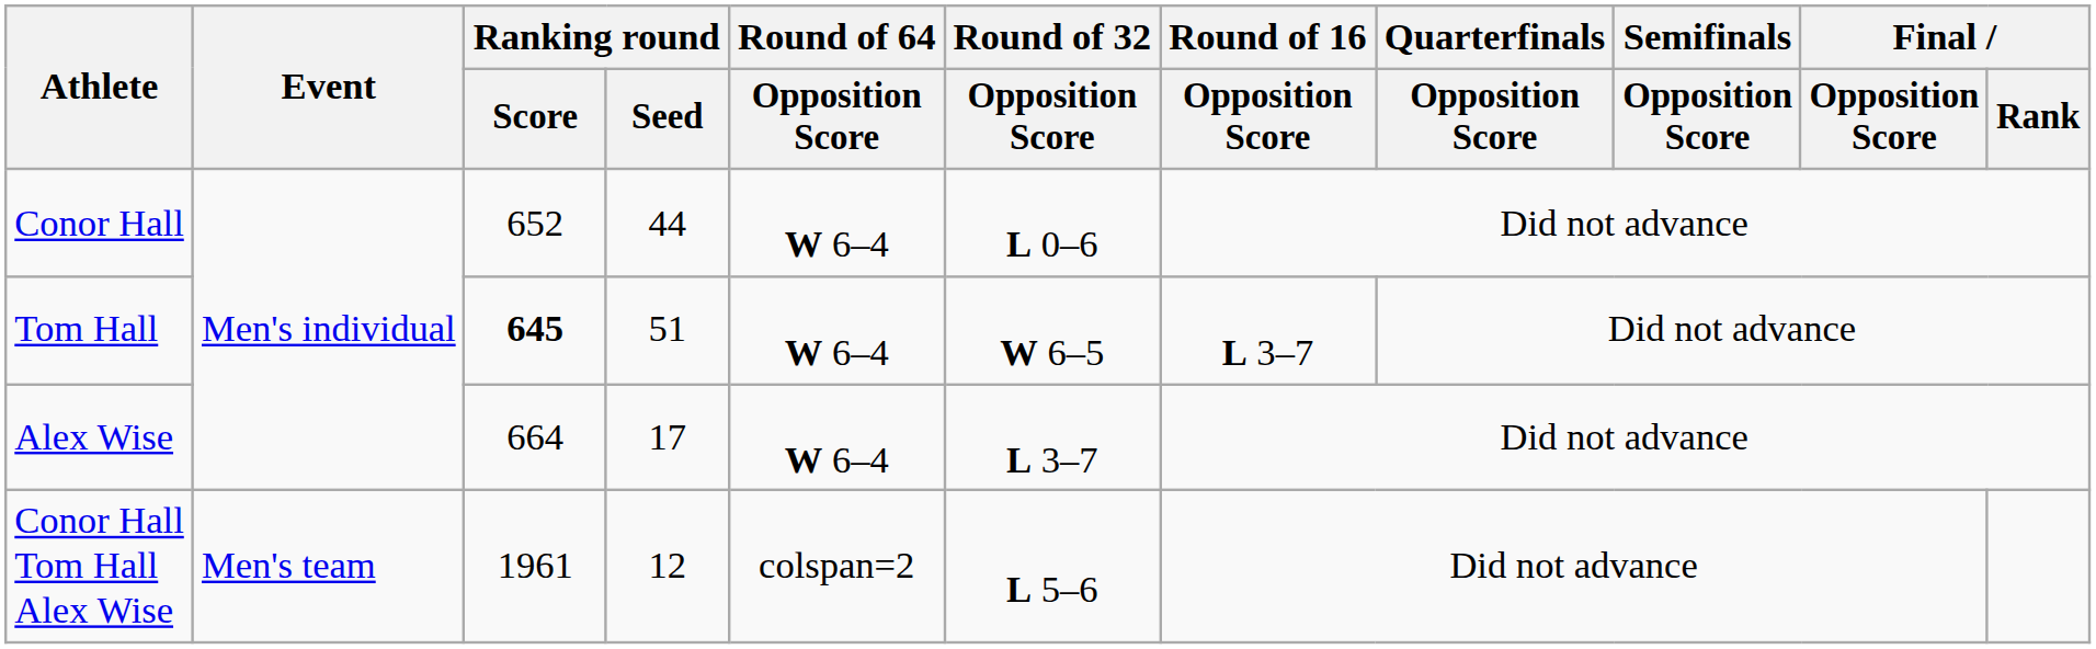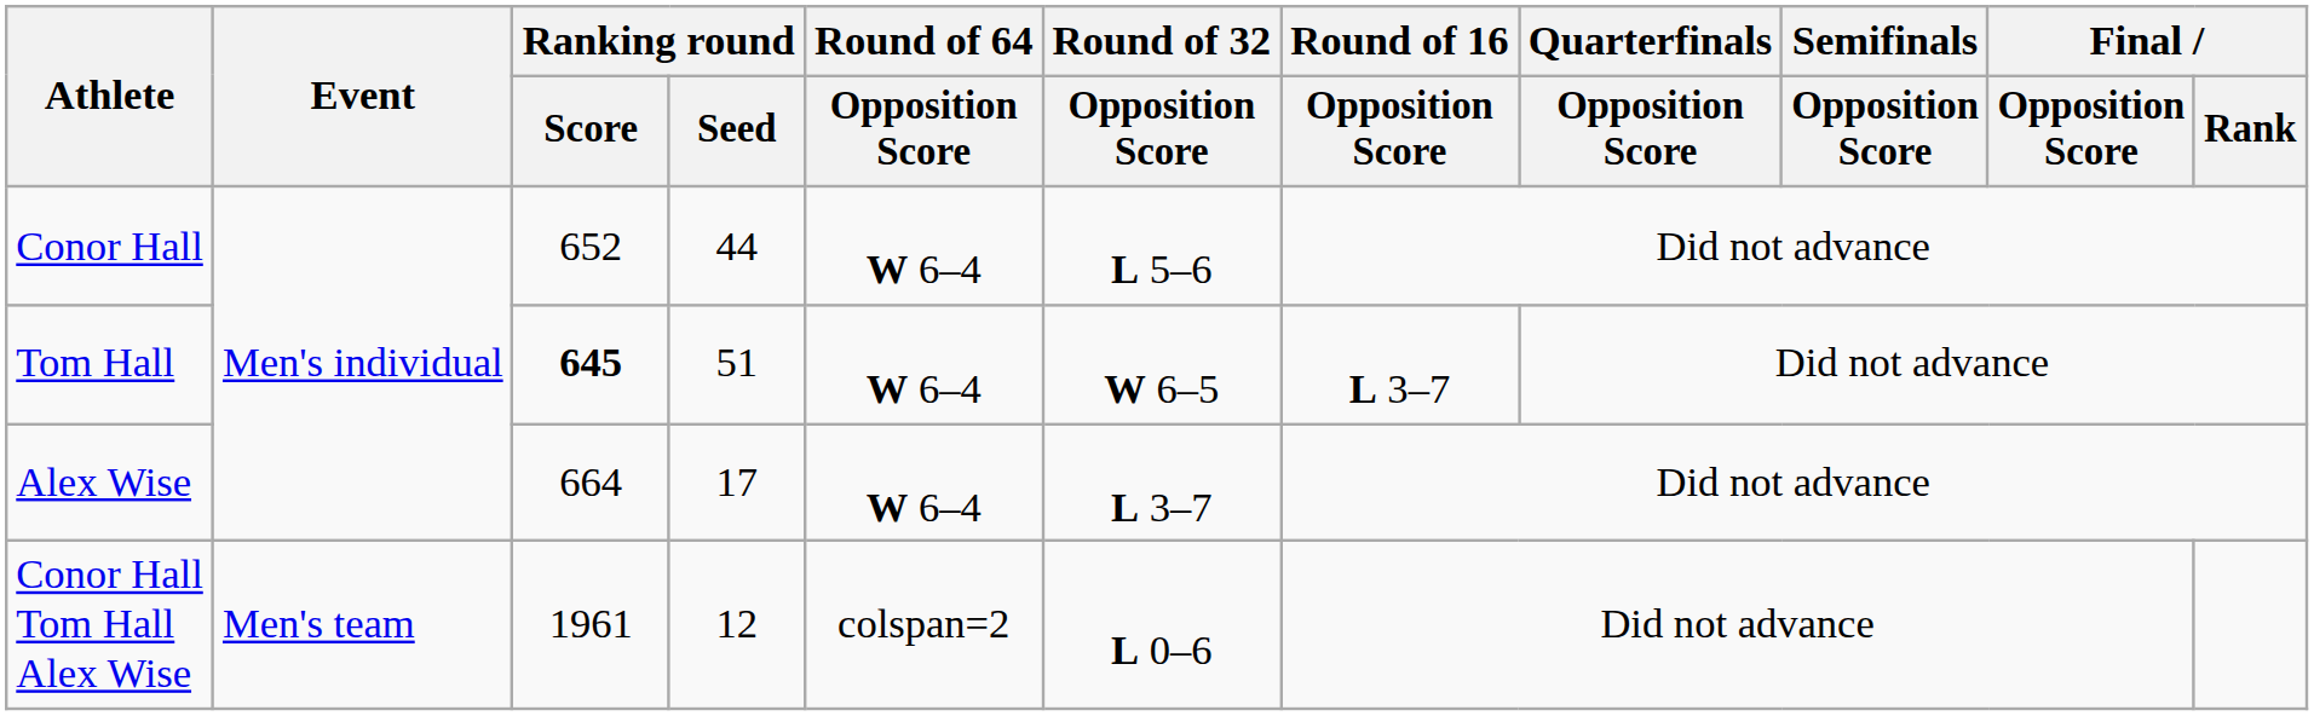 <table class=wikitable style=font-size:90%;text-align:center>
 <tr>
 <th rowspan=2>Athlete</th>
 <th rowspan=2>Event</th>
 <th colspan=2>Ranking round</th>
 <th>Round of 64</th>
 <th>Round of 32</th>
 <th>Round of 16</th>
 <th>Quarterfinals</th>
 <th>Semifinals</th>
 <th colspan=2>Final / </th>
 </tr>
 <tr style=font-size:95%>
 <th>Score</th>
 <th>Seed</th>
 <th>Opposition<br>Score</th>
 <th>Opposition<br>Score</th>
 <th>Opposition<br>Score</th>
 <th>Opposition<br>Score</th>
 <th>Opposition<br>Score</th>
 <th>Opposition<br>Score</th>
 <th>Rank</th>
 </tr>
 <tr>
 <td align=left><a href='#'>Conor Hall</a></td>
 <td align=left rowspan=3><a href='#'>Men's individual</a></td>
 <td>652</td>
 <td>44</td>
 <td><br><strong>W</strong> 6–4</td>
-<td><br><strong>L</strong> 0–6</td>
+<td><br><strong>L</strong> 5–6</td>
 <td colspan="5">Did not advance</td>
 </tr>
 <tr>
 <td align=left><a href='#'>Tom Hall</a></td>
 <td><strong>645</strong></td>
 <td>51</td>
 <td><br><strong>W</strong> 6–4</td>
 <td><br><strong>W</strong> 6–5</td>
 <td><br><strong>L</strong> 3–7</td>
 <td colspan=4>Did not advance</td>
 </tr>
 <tr>
 <td align=left><a href='#'>Alex Wise</a></td>
 <td>664</td>
 <td>17</td>
 <td><br><strong>W</strong> 6–4</td>
 <td><br><strong>L</strong> 3–7</td>
 <td colspan=5>Did not advance</td>
 </tr>
 <tr align=center>
 <td align=left><a href='#'>Conor Hall</a><br><a href='#'>Tom Hall</a><br><a href='#'>Alex Wise</a></td>
 <td align=left><a href='#'>Men's team</a></td>
 <td>1961</td>
 <td>12</td>
 <td>colspan=2 </td>
-<td><br><strong>L</strong> 5–6</td>
+<td><br><strong>L</strong> 0–6</td>
 <td colspan=4>Did not advance</td>
 </tr>
 </table>
